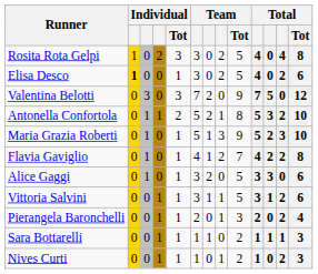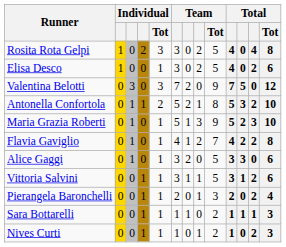 <table class="wikitable" style="text-align:center; font-size:100%">
 <tr>
 <th ROWSPAN=2>Runner</th>
 <th colspan=4>Individual</th>
 <th colspan=4>Team</th>
 <th colspan=4>Total</th>
 </tr>
 <tr>
 <th></th>
 <th></th>
 <th></th>
 <th>Tot</th>
 <th></th>
 <th></th>
 <th></th>
 <th>Tot</th>
 <th></th>
 <th></th>
 <th></th>
 <th>Tot</th>
 </tr>
 <tr>
 <td align=left><a href='#'>Rosita Rota Gelpi</a></td>
 <td bgcolor=#ffd700>1</td>
 <td bgcolor=#c0c0c0>0</td>
 <td bgcolor=#b8860b>2</td>
 <td>3</td>
 <td>3</td>
 <td>0</td>
 <td>2</td>
 <td>5</td>
 <th>4</th>
 <th>0</th>
 <th>4</th>
 <th>8</th>
 </tr>
 <tr>
 <td align=left><a href='#'>Elisa Desco</a></td>
-<td bgcolor=#ffd700><strong>1</strong></td>
+<td bgcolor=#ffd700>1</td>
 <td bgcolor=#c0c0c0>0</td>
 <td bgcolor=#b8860b>0</td>
 <td>1</td>
 <td>3</td>
 <td>0</td>
 <td>2</td>
 <td>5</td>
 <th>4</th>
 <th>0</th>
 <th>2</th>
 <th>6</th>
 </tr>
 <tr>
 <td align=left><a href='#'>Valentina Belotti</a></td>
 <td bgcolor=#ffd700>0</td>
 <td bgcolor=#c0c0c0>3</td>
 <td bgcolor=#b8860b>0</td>
 <td>3</td>
 <td>7</td>
 <td>2</td>
 <td>0</td>
 <td>9</td>
 <th>7</th>
 <th>5</th>
 <th>0</th>
 <th>12</th>
 </tr>
 <tr>
 <td align=left><a href='#'>Antonella Confortola</a></td>
 <td bgcolor=#ffd700>0</td>
 <td bgcolor=#c0c0c0>1</td>
 <td bgcolor=#b8860b>1</td>
 <td>2</td>
 <td>5</td>
 <td>2</td>
 <td>1</td>
 <td>8</td>
 <th>5</th>
 <th>3</th>
 <th>2</th>
 <th>10</th>
 </tr>
 <tr>
 <td align=left><a href='#'>Maria Grazia Roberti</a></td>
 <td bgcolor=#ffd700>0</td>
 <td bgcolor=#c0c0c0>1</td>
 <td bgcolor=#b8860b>0</td>
 <td>1</td>
 <td>5</td>
 <td>1</td>
 <td>3</td>
 <td>9</td>
 <th>5</th>
 <th>2</th>
 <th>3</th>
 <th>10</th>
 </tr>
 <tr>
 <td align=left><a href='#'>Flavia Gaviglio</a></td>
 <td bgcolor=#ffd700>0</td>
 <td bgcolor=#c0c0c0>1</td>
 <td bgcolor=#b8860b>0</td>
 <td>1</td>
 <td>4</td>
 <td>1</td>
 <td>2</td>
 <td>7</td>
 <th>4</th>
 <th>2</th>
 <th>2</th>
 <th>8</th>
 </tr>
 <tr>
 <td align=left><a href='#'>Alice Gaggi</a></td>
 <td bgcolor=#ffd700>0</td>
 <td bgcolor=#c0c0c0>1</td>
 <td bgcolor=#b8860b>0</td>
 <td>1</td>
 <td>3</td>
 <td>2</td>
 <td>0</td>
 <td>5</td>
 <th>3</th>
 <th>3</th>
 <th>0</th>
 <th>6</th>
 </tr>
 <tr>
 <td align=left><a href='#'>Vittoria Salvini</a></td>
 <td bgcolor=#ffd700>0</td>
 <td bgcolor=#c0c0c0>0</td>
 <td bgcolor=#b8860b>1</td>
 <td>1</td>
 <td>3</td>
 <td>1</td>
 <td>1</td>
 <td>5</td>
 <th>3</th>
 <th>1</th>
 <th>2</th>
 <th>6</th>
 </tr>
 <tr>
 <td align=left><a href='#'>Pierangela Baronchelli</a></td>
 <td bgcolor=#ffd700>0</td>
 <td bgcolor=#c0c0c0>0</td>
 <td bgcolor=#b8860b>1</td>
 <td>1</td>
 <td>2</td>
 <td>0</td>
 <td>1</td>
 <td>3</td>
 <th>2</th>
 <th>0</th>
 <th>2</th>
 <th>4</th>
 </tr>
 <tr>
 <td align=left><a href='#'>Sara Bottarelli</a></td>
 <td bgcolor=#ffd700>0</td>
 <td bgcolor=#c0c0c0>0</td>
 <td bgcolor=#b8860b>1</td>
 <td>1</td>
 <td>1</td>
 <td>1</td>
 <td>0</td>
 <td>2</td>
 <th>1</th>
 <th>1</th>
 <th>1</th>
 <th>3</th>
 </tr>
 <tr>
 <td align=left><a href='#'>Nives Curti</a></td>
 <td bgcolor=#ffd700>0</td>
 <td bgcolor=#c0c0c0>0</td>
 <td bgcolor=#b8860b>1</td>
 <td>1</td>
 <td>1</td>
 <td>0</td>
 <td>1</td>
 <td>2</td>
 <th>1</th>
 <th>0</th>
 <th>2</th>
 <th>3</th>
 </tr>
 </table>
